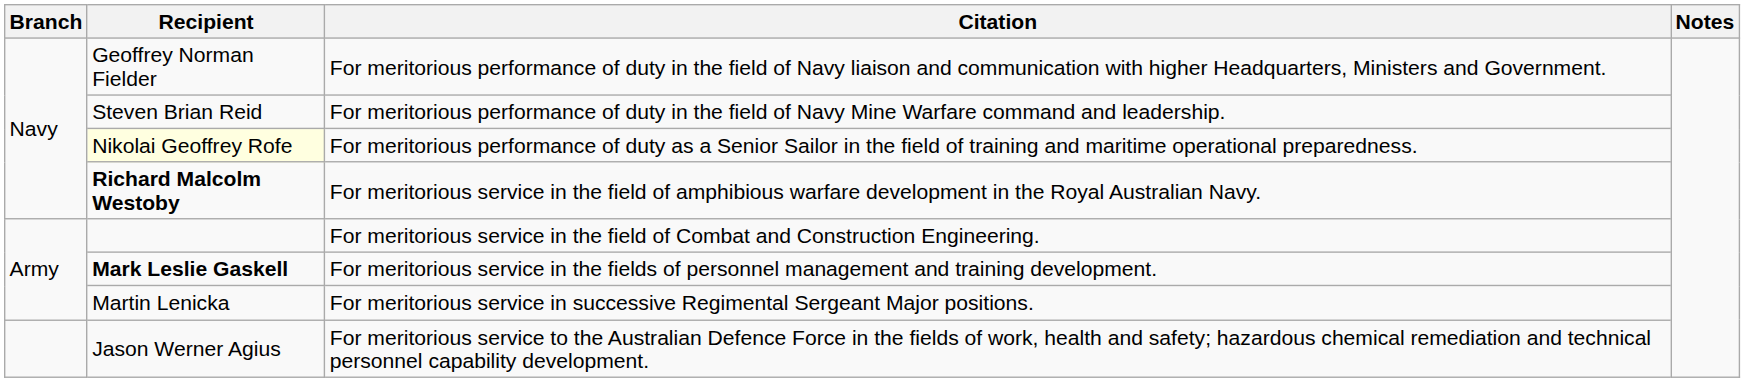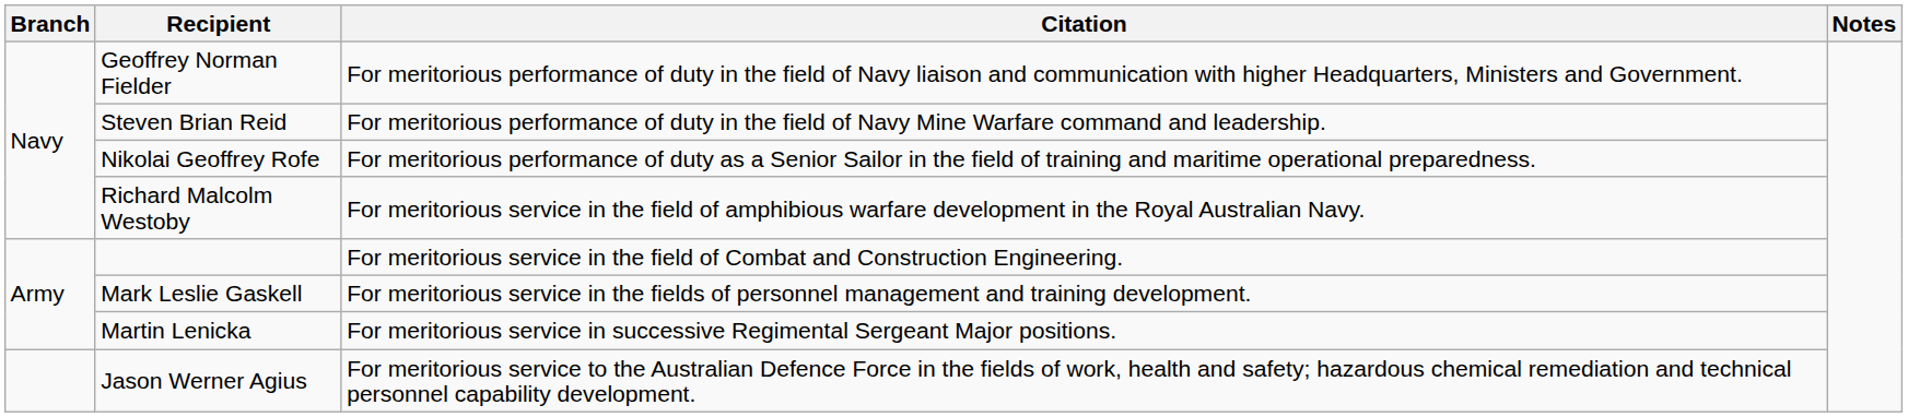 <table class="wikitable" style="font-size:95%;">
 <tr>
 <th>Branch</th>
 <th>Recipient</th>
 <th>Citation</th>
 <th>Notes</th>
 </tr>
 <tr>
 <td rowspan=4>Navy</td>
 <td> Geoffrey Norman Fielder </td>
 <td>For meritorious performance of duty in the field of Navy liaison and communication with higher Headquarters, Ministers and Government.</td>
 <td rowspan=10></td>
 </tr>
 <tr>
 <td> Steven Brian Reid </td>
 <td>For meritorious performance of duty in the field of Navy Mine Warfare command and leadership.</td>
 </tr>
 <tr>
-<td style="background: lightyellow;"> Nikolai Geoffrey Rofe</td>
+<td> Nikolai Geoffrey Rofe</td>
 <td>For meritorious performance of duty as a Senior Sailor in the field of training and maritime operational preparedness.</td>
 </tr>
 <tr>
-<td><strong> Richard Malcolm Westoby </strong></td>
+<td> Richard Malcolm Westoby </td>
 <td>For meritorious service in the field of amphibious warfare development in the Royal Australian Navy.</td>
 </tr>
 <tr>
 <td rowspan=3>Army</td>
 <td></td>
 <td>For meritorious service in the field of Combat and Construction Engineering.</td>
 </tr>
 <tr>
-<td><strong>Mark Leslie Gaskell</strong></td>
+<td>Mark Leslie Gaskell</td>
 <td>For meritorious service in the fields of personnel management and training development.</td>
 </tr>
 <tr>
 <td> Martin Lenicka</td>
 <td>For meritorious service in successive Regimental Sergeant Major positions.</td>
 </tr>
 <tr>
 <td></td>
 <td> Jason Werner Agius </td>
 <td>For meritorious service to the Australian Defence Force in the fields of work, health and safety; hazardous chemical remediation and technical personnel capability development.</td>
 </tr>
 </table>
